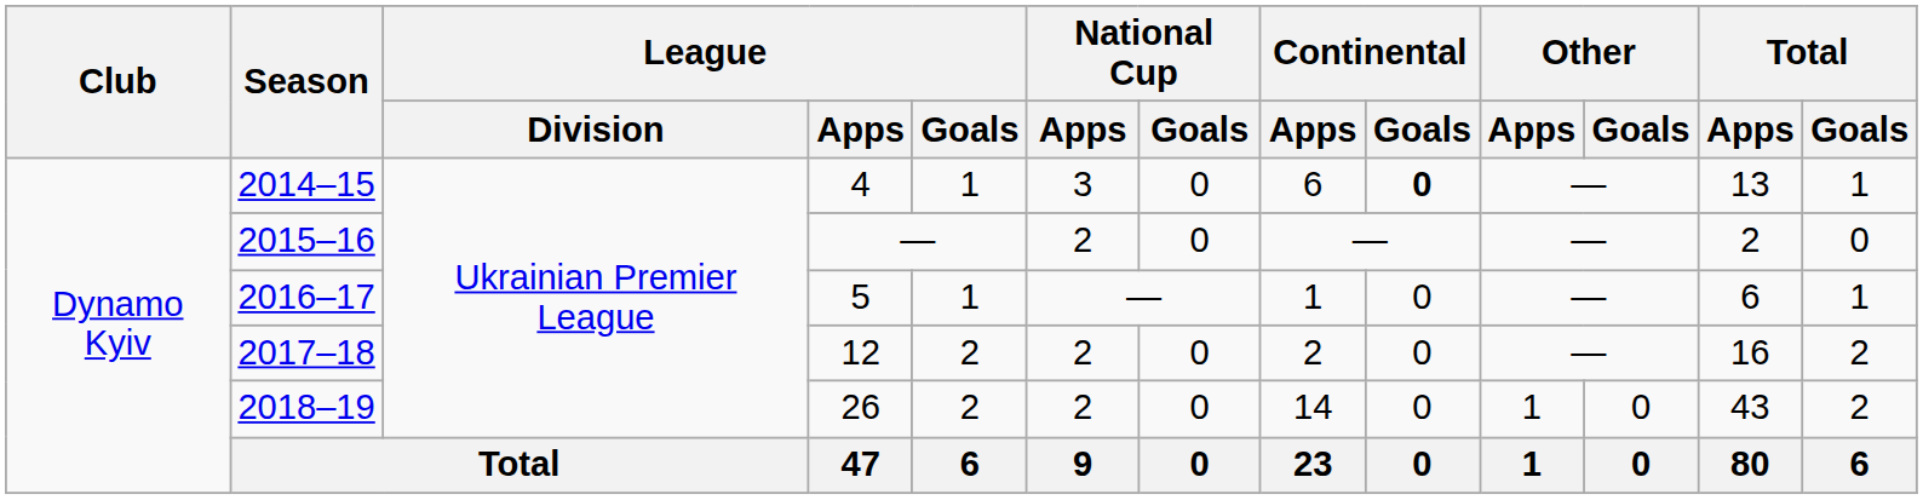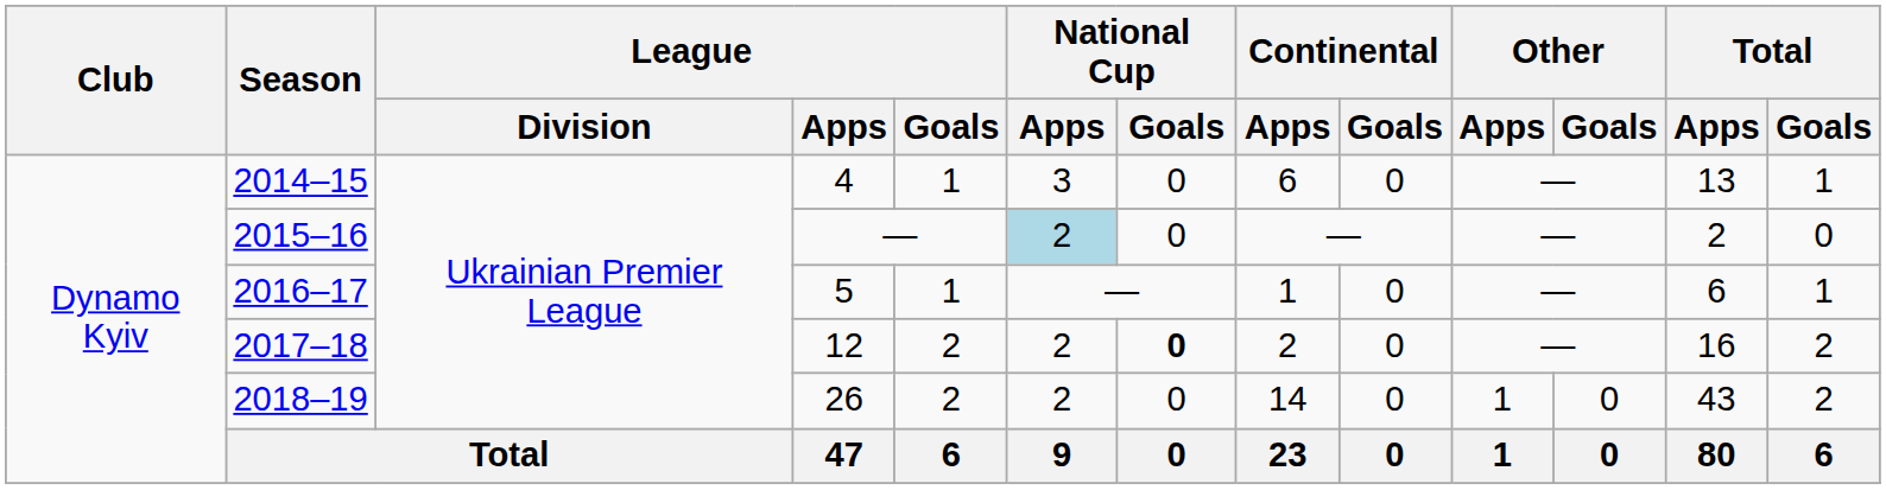 <table class="wikitable" style="text-align:center;">
 <tr>
 <th rowspan="2">Club</th>
 <th rowspan="2">Season</th>
 <th colspan="3">League</th>
 <th colspan="2">National Cup</th>
 <th colspan="2">Continental</th>
 <th colspan="2">Other</th>
 <th colspan="2">Total</th>
 </tr>
 <tr>
 <th>Division</th>
 <th>Apps</th>
 <th>Goals</th>
 <th>Apps</th>
 <th>Goals</th>
 <th>Apps</th>
 <th>Goals</th>
 <th>Apps</th>
 <th>Goals</th>
 <th>Apps</th>
 <th>Goals</th>
 </tr>
 <tr>
 <td rowspan="6"><a href='#'>Dynamo Kyiv</a></td>
 <td><a href='#'>2014–15</a></td>
 <td rowspan="5"><a href='#'>Ukrainian Premier League</a></td>
 <td>4</td>
 <td>1</td>
 <td>3</td>
 <td>0</td>
 <td>6</td>
-<td><strong>0</strong></td>
+<td>0</td>
 <td colspan="2">—</td>
 <td>13</td>
 <td>1</td>
 </tr>
 <tr>
 <td><a href='#'>2015–16</a></td>
 <td colspan="2">—</td>
-<td>2</td>
+<td style="background: lightblue;">2</td>
 <td>0</td>
 <td colspan="2">—</td>
 <td colspan="2">—</td>
 <td>2</td>
 <td>0</td>
 </tr>
 <tr>
 <td><a href='#'>2016–17</a></td>
 <td>5</td>
 <td>1</td>
 <td colspan="2">—</td>
 <td>1</td>
 <td>0</td>
 <td colspan="2">—</td>
 <td>6</td>
 <td>1</td>
 </tr>
 <tr>
 <td><a href='#'>2017–18</a></td>
 <td>12</td>
 <td>2</td>
 <td>2</td>
-<td>0</td>
+<td><strong>0</strong></td>
 <td>2</td>
 <td>0</td>
 <td colspan="2">—</td>
 <td>16</td>
 <td>2</td>
 </tr>
 <tr>
 <td><a href='#'>2018–19</a></td>
 <td>26</td>
 <td>2</td>
 <td>2</td>
 <td>0</td>
 <td>14</td>
 <td>0</td>
 <td>1</td>
 <td>0</td>
 <td>43</td>
 <td>2</td>
 </tr>
 <tr>
 <th colspan="2">Total</th>
 <th>47</th>
 <th>6</th>
 <th>9</th>
 <th>0</th>
 <th>23</th>
 <th>0</th>
 <th>1</th>
 <th>0</th>
 <th>80</th>
 <th>6</th>
 </tr>
 </table>
